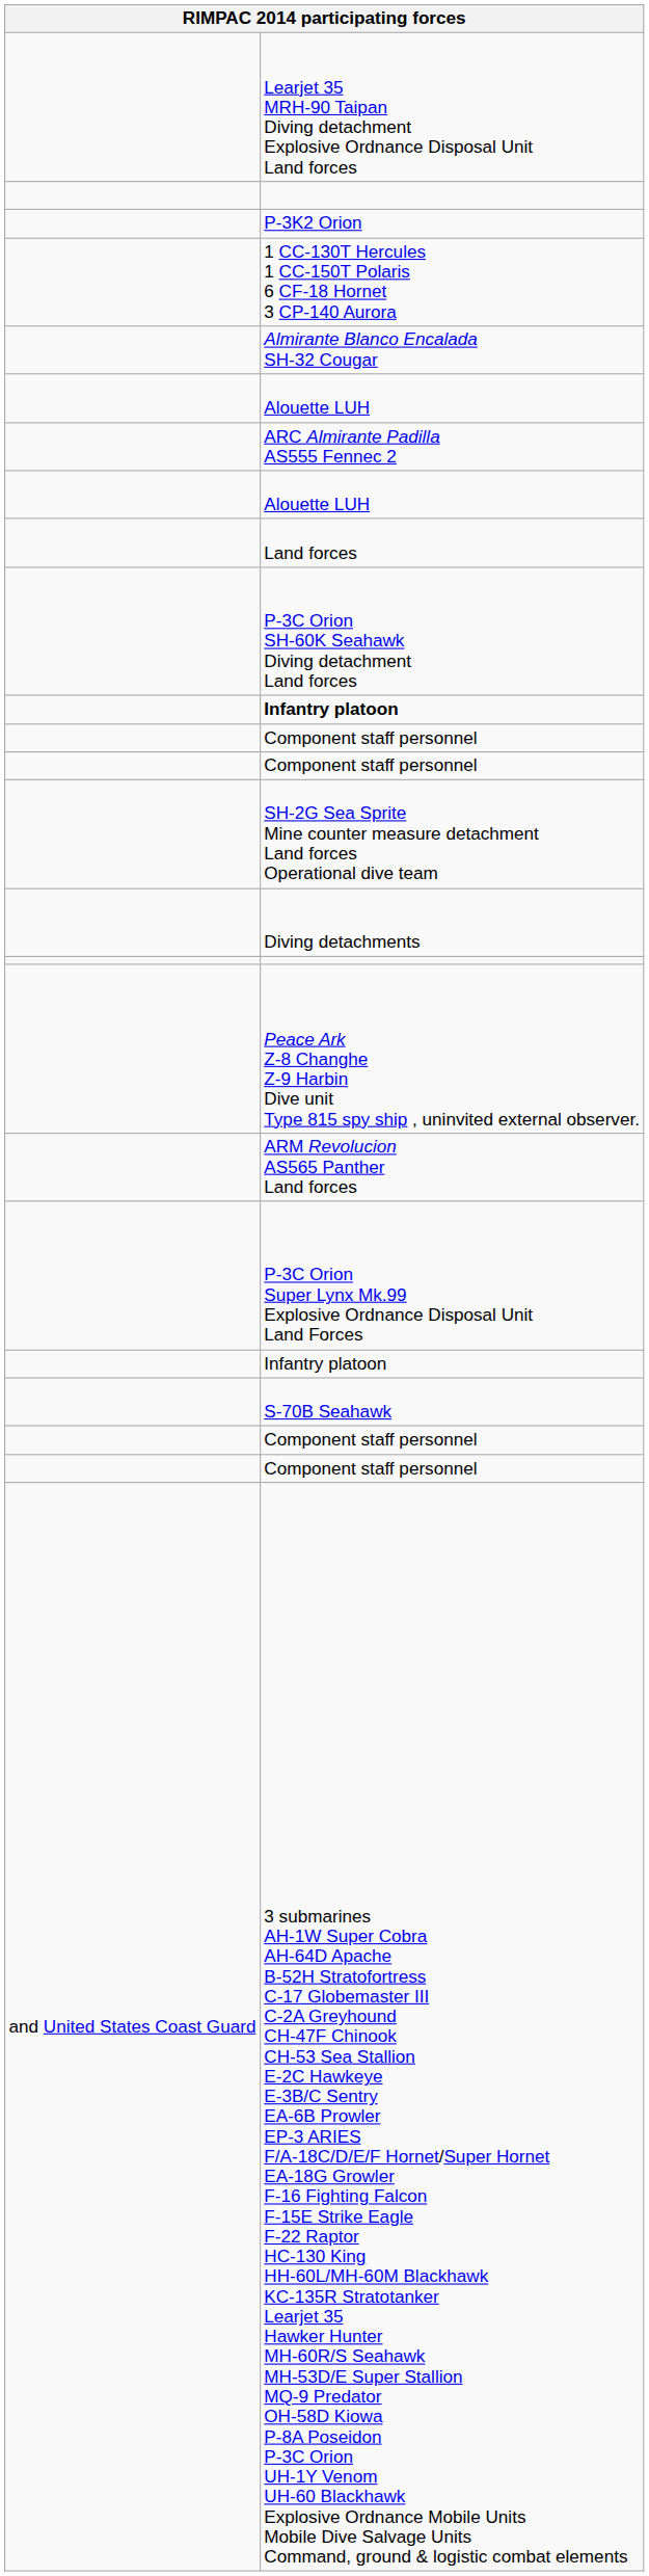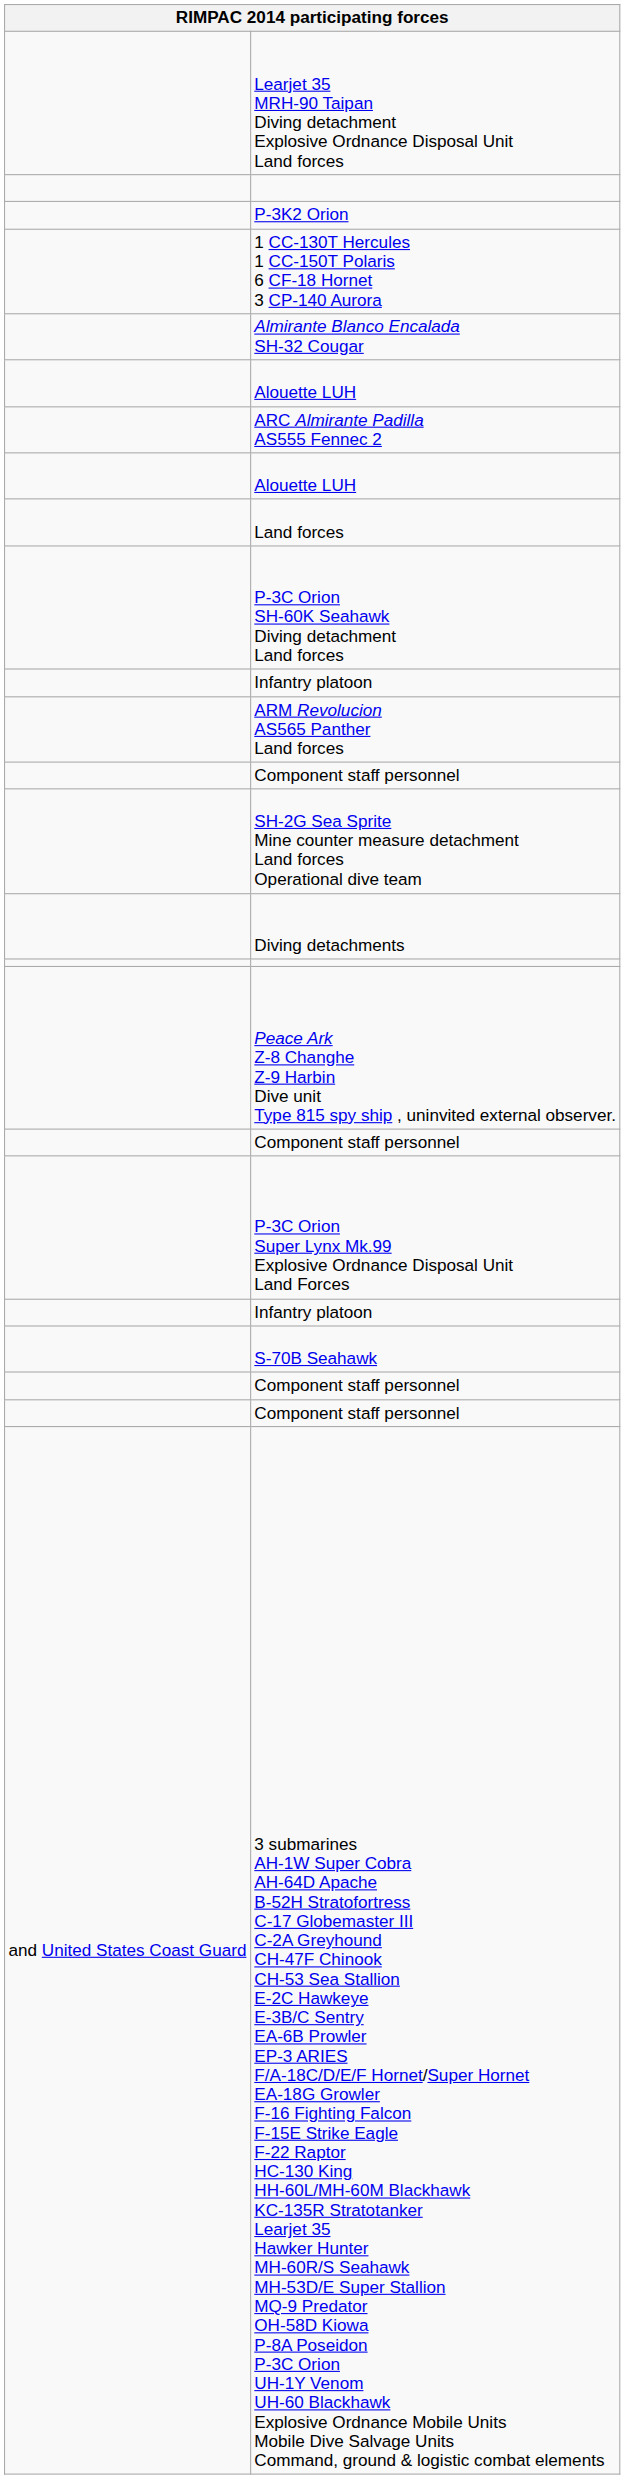 <table class="wikitable collapsible collapsed">
 <tr>
 <th colspan=2>RIMPAC 2014 participating forces</th>
 </tr>
 <tr>
 <td></td>
 <td><br><br><a href='#'>Learjet 35</a><br><a href='#'>MRH-90 Taipan</a><br>Diving detachment<br>Explosive Ordnance Disposal Unit<br>Land forces</td>
 </tr>
 <tr>
 <td></td>
 <td><br></td>
 </tr>
 <tr>
 <td></td>
 <td><a href='#'>P-3K2 Orion</a></td>
 </tr>
 <tr>
 <td></td>
 <td>1 <a href='#'>CC-130T Hercules</a><br>1 <a href='#'>CC-150T Polaris</a><br>6 <a href='#'>CF-18 Hornet</a><br>3 <a href='#'>CP-140 Aurora</a></td>
 </tr>
 <tr>
 <td></td>
 <td><a href='#'><em>Almirante Blanco Encalada</em></a><br><a href='#'>SH-32 Cougar</a></td>
 </tr>
 <tr>
 <td></td>
 <td><br><a href='#'>Alouette LUH</a></td>
 </tr>
 <tr>
 <td></td>
 <td><a href='#'>ARC <em>Almirante Padilla</em></a><br><a href='#'>AS555 Fennec 2</a></td>
 </tr>
 <tr>
 <td></td>
 <td><br><a href='#'>Alouette LUH</a></td>
 </tr>
 <tr>
 <td></td>
 <td><br>Land forces</td>
 </tr>
 <tr>
 <td></td>
 <td><br><br><a href='#'>P-3C Orion</a><br><a href='#'>SH-60K Seahawk</a><br>Diving detachment<br>Land forces</td>
 </tr>
 <tr>
 <td></td>
-<td><strong>Infantry platoon</strong></td>
+<td>Infantry platoon</td>
 </tr>
 <tr>
 <td></td>
-<td>Component staff personnel</td>
+<td><a href='#'>ARM <em>Revolucion</em></a><br><a href='#'>AS565 Panther</a><br>Land forces</td>
 </tr>
 <tr>
 <td></td>
 <td>Component staff personnel</td>
 </tr>
 <tr>
 <td></td>
 <td><br><a href='#'>SH-2G Sea Sprite</a><br>Mine counter measure detachment<br>Land forces<br>Operational dive team</td>
 </tr>
 <tr>
 <td></td>
 <td><br><br>Diving detachments</td>
 </tr>
 <tr>
 <td></td>
 <td></td>
 </tr>
 <tr>
 <td></td>
 <td><br><br><br><a href='#'><em>Peace Ark</em></a><br><a href='#'>Z-8 Changhe</a><br><a href='#'>Z-9 Harbin</a><br>Dive unit<br><a href='#'>Type 815 spy ship</a> , uninvited external observer.</td>
 </tr>
 <tr>
 <td></td>
-<td><a href='#'>ARM <em>Revolucion</em></a><br><a href='#'>AS565 Panther</a><br>Land forces</td>
+<td>Component staff personnel</td>
 </tr>
 <tr>
 <td></td>
 <td><br><br><br><a href='#'>P-3C Orion</a><br><a href='#'>Super Lynx Mk.99</a><br>Explosive Ordnance Disposal Unit<br>Land Forces</td>
 </tr>
 <tr>
 <td></td>
 <td>Infantry platoon</td>
 </tr>
 <tr>
 <td></td>
 <td><br><a href='#'>S-70B Seahawk</a></td>
 </tr>
 <tr>
 <td></td>
 <td>Component staff personnel</td>
 </tr>
 <tr>
 <td></td>
 <td>Component staff personnel</td>
 </tr>
 <tr>
 <td> and <a href='#'>United States Coast Guard</a></td>
 <td><br><br><br><br><br><br><br><br><br><br><br><br><br><br><br><br><br><br><br><br><br>3 submarines<br><a href='#'>AH-1W Super Cobra</a><br><a href='#'>AH-64D Apache</a><br><a href='#'>B-52H Stratofortress</a><br><a href='#'>C-17 Globemaster III</a><br><a href='#'>C-2A Greyhound</a><br><a href='#'>CH-47F Chinook</a><br><a href='#'>CH-53 Sea Stallion</a><br><a href='#'>E-2C Hawkeye</a><br><a href='#'>E-3B/C Sentry</a><br><a href='#'>EA-6B Prowler</a><br><a href='#'>EP-3 ARIES</a><br><a href='#'>F/A-18C/D/E/F Hornet</a>/<a href='#'>Super Hornet</a><br><a href='#'>EA-18G Growler</a><br><a href='#'>F-16 Fighting Falcon</a><br><a href='#'>F-15E Strike Eagle</a><br><a href='#'>F-22 Raptor</a><br><a href='#'>HC-130 King</a><br><a href='#'>HH-60L/MH-60M Blackhawk</a><br><a href='#'>KC-135R Stratotanker</a><br><a href='#'>Learjet 35</a><br><a href='#'>Hawker Hunter</a><br><a href='#'>MH-60R/S Seahawk</a><br><a href='#'>MH-53D/E Super Stallion</a><br><a href='#'>MQ-9 Predator</a><br><a href='#'>OH-58D Kiowa</a><br><a href='#'>P-8A Poseidon</a><br><a href='#'>P-3C Orion</a><br><a href='#'>UH-1Y Venom</a><br><a href='#'>UH-60 Blackhawk</a><br>Explosive Ordnance Mobile Units<br>Mobile Dive Salvage Units<br>Command, ground & logistic combat elements</td>
 </tr>
 </table>
